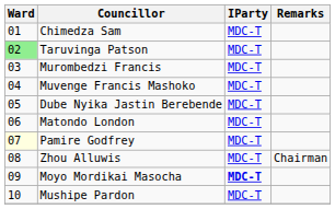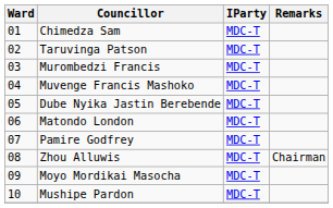 <table class="wikitable sortable" style="font-size: 95%;">
 <tr>
 <th>Ward</th>
 <th>Councillor</th>
 <th>IParty</th>
 <th>Remarks</th>
 </tr>
 <tr>
 <td>01</td>
 <td>Chimedza Sam</td>
 <td><a href='#'>MDC-T</a></td>
 <td></td>
 </tr>
 <tr>
-<td style="background: lightgreen;">02</td>
+<td>02</td>
 <td>Taruvinga Patson</td>
 <td><a href='#'>MDC-T</a></td>
 <td></td>
 </tr>
 <tr>
 <td>03</td>
 <td>Murombedzi Francis</td>
 <td><a href='#'>MDC-T</a></td>
 <td></td>
 </tr>
 <tr>
 <td>04</td>
 <td>Muvenge Francis Mashoko</td>
 <td><a href='#'>MDC-T</a></td>
 <td></td>
 </tr>
 <tr>
 <td>05</td>
 <td>Dube Nyika Jastin Berebende</td>
 <td><a href='#'>MDC-T</a></td>
 <td></td>
 </tr>
 <tr>
 <td>06</td>
 <td>Matondo London</td>
 <td><a href='#'>MDC-T</a></td>
 <td></td>
 </tr>
 <tr>
-<td style="background: lightyellow;">07</td>
+<td>07</td>
 <td>Pamire Godfrey</td>
 <td><a href='#'>MDC-T</a></td>
 <td></td>
 </tr>
 <tr>
 <td>08</td>
 <td>Zhou Alluwis</td>
 <td><a href='#'>MDC-T</a></td>
 <td>Chairman</td>
 </tr>
 <tr>
 <td>09</td>
 <td>Moyo Mordikai Masocha</td>
-<td><strong><a href='#'>MDC-T</a></strong></td>
+<td><a href='#'>MDC-T</a></td>
 <td></td>
 </tr>
 <tr>
 <td>10</td>
 <td>Mushipe Pardon</td>
 <td><a href='#'>MDC-T</a></td>
 <td></td>
 </tr>
 <tr>
 </tr>
 </table>
